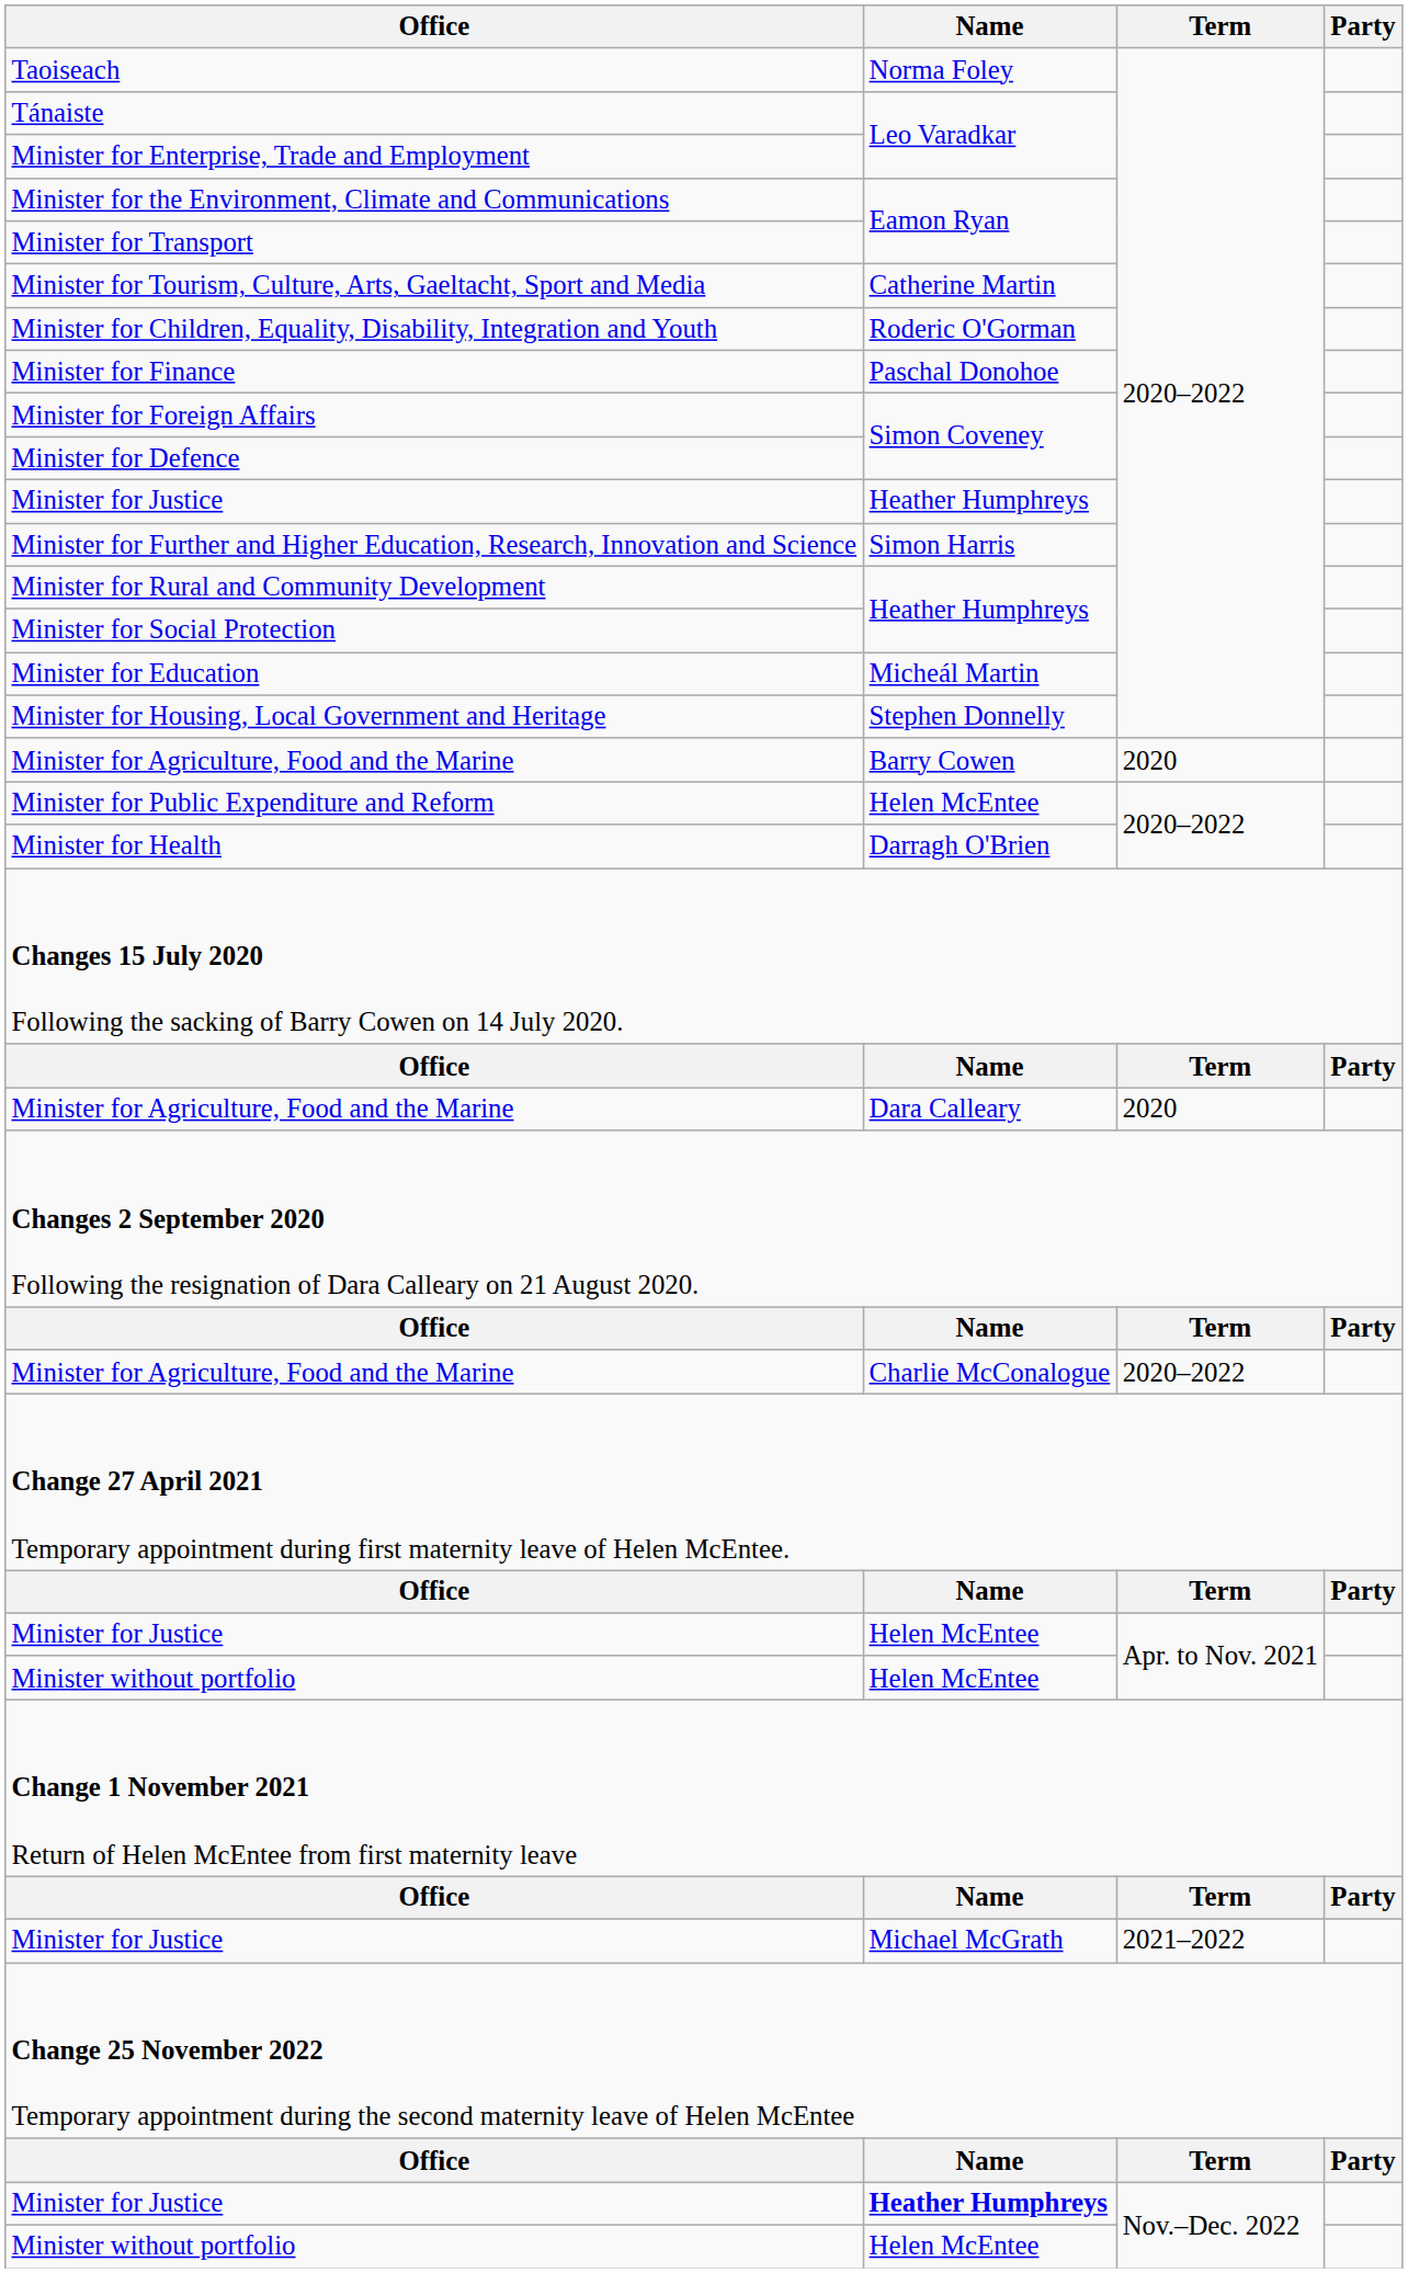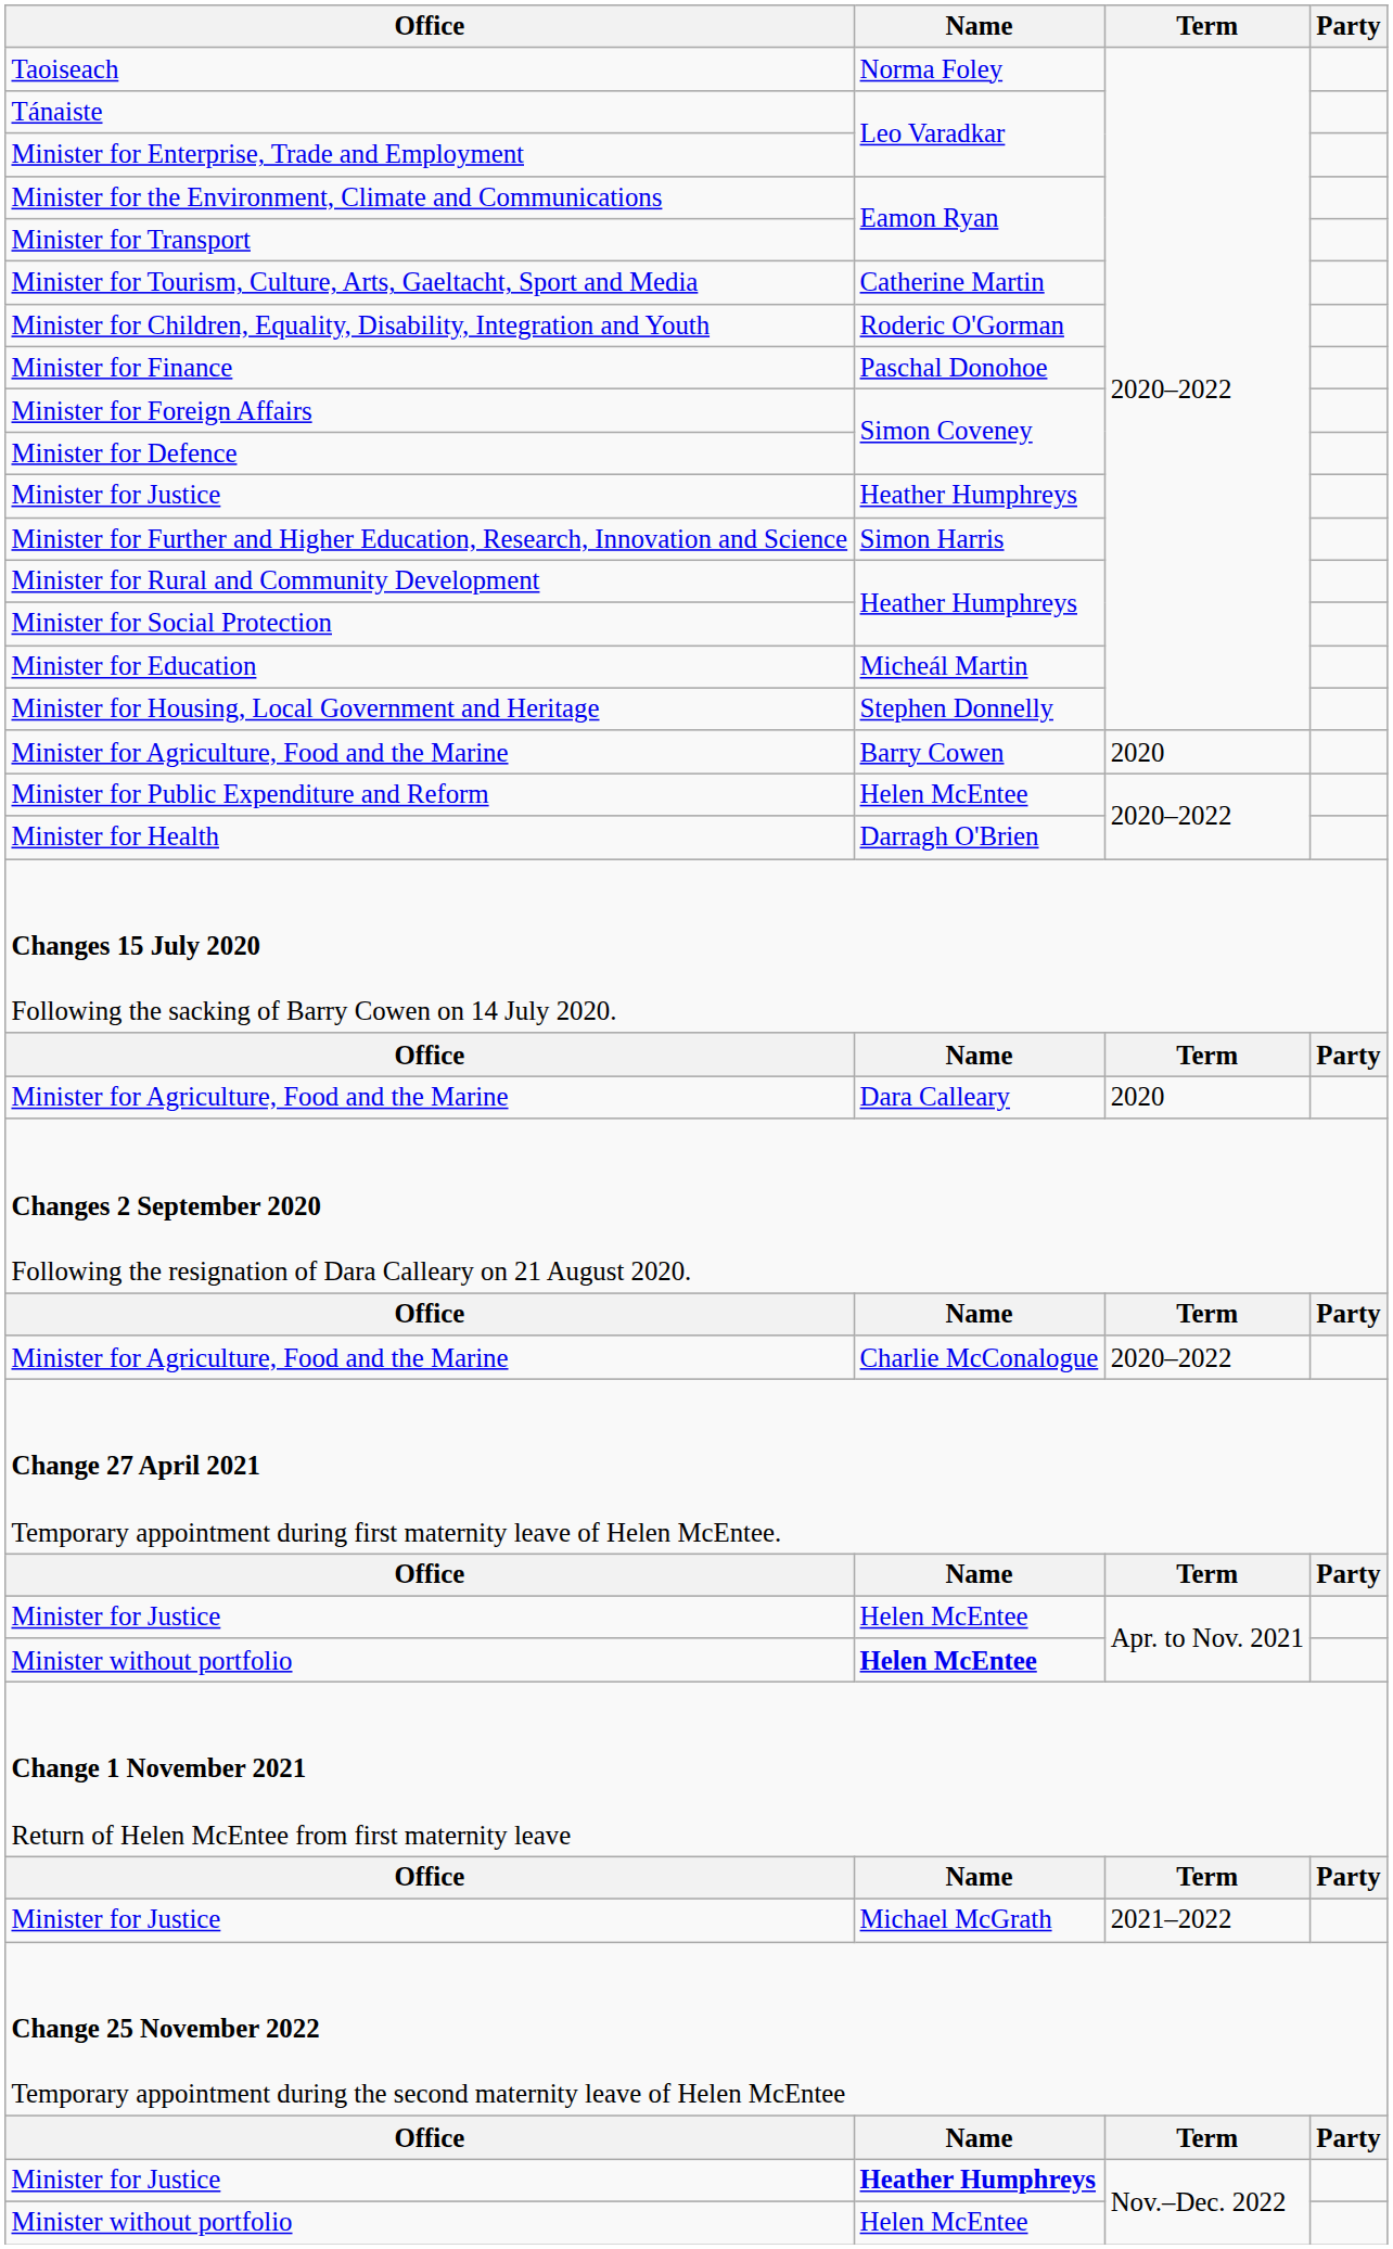 <table class="wikitable">
 <tr>
 <th>Office</th>
 <th>Name</th>
 <th>Term</th>
 <th colspan="2">Party</th>
 </tr>
 <tr>
 <td><a href='#'>Taoiseach</a></td>
 <td><a href='#'>Norma Foley</a></td>
 <td rowspan="16">2020–2022</td>
 <td></td>
 </tr>
 <tr>
 <td><a href='#'>Tánaiste</a></td>
 <td rowspan=2><a href='#'>Leo Varadkar</a></td>
 <td></td>
 </tr>
 <tr>
 <td><a href='#'>Minister for Enterprise, Trade and Employment</a></td>
 </tr>
 <tr>
 <td><a href='#'>Minister for the Environment, Climate and Communications</a></td>
 <td rowspan=2><a href='#'>Eamon Ryan</a></td>
 <td></td>
 </tr>
 <tr>
 <td><a href='#'>Minister for Transport</a></td>
 </tr>
 <tr>
 <td><a href='#'>Minister for Tourism, Culture, Arts, Gaeltacht, Sport and Media</a></td>
 <td><a href='#'>Catherine Martin</a></td>
 <td></td>
 </tr>
 <tr>
 <td><a href='#'>Minister for Children, Equality, Disability, Integration and Youth</a></td>
 <td><a href='#'>Roderic O'Gorman</a></td>
 <td></td>
 </tr>
 <tr>
 <td><a href='#'>Minister for Finance</a></td>
 <td><a href='#'>Paschal Donohoe</a></td>
 <td></td>
 </tr>
 <tr>
 <td><a href='#'>Minister for Foreign Affairs</a></td>
 <td rowspan=2><a href='#'>Simon Coveney</a></td>
 <td></td>
 </tr>
 <tr>
 <td><a href='#'>Minister for Defence</a></td>
 </tr>
 <tr>
 <td><a href='#'>Minister for Justice</a></td>
 <td><a href='#'>Heather Humphreys</a></td>
 <td></td>
 </tr>
 <tr>
 <td><a href='#'>Minister for Further and Higher Education, Research, Innovation and Science</a></td>
 <td><a href='#'>Simon Harris</a></td>
 <td></td>
 </tr>
 <tr>
 <td><a href='#'>Minister for Rural and Community Development</a></td>
 <td rowspan=2><a href='#'>Heather Humphreys</a></td>
 <td></td>
 </tr>
 <tr>
 <td><a href='#'>Minister for Social Protection</a></td>
 </tr>
 <tr>
 <td><a href='#'>Minister for Education</a></td>
 <td><a href='#'>Micheál Martin</a></td>
 <td></td>
 </tr>
 <tr>
 <td><a href='#'>Minister for Housing, Local Government and Heritage</a></td>
 <td><a href='#'>Stephen Donnelly</a></td>
 <td></td>
 </tr>
 <tr>
 <td><a href='#'>Minister for Agriculture, Food and the Marine</a></td>
 <td><a href='#'>Barry Cowen</a></td>
 <td>2020</td>
 <td></td>
 </tr>
 <tr>
 <td><a href='#'>Minister for Public Expenditure and Reform</a></td>
 <td><a href='#'>Helen McEntee</a></td>
 <td rowspan="2">2020–2022</td>
 <td></td>
 </tr>
 <tr>
 <td><a href='#'>Minister for Health</a></td>
 <td><a href='#'>Darragh O'Brien</a></td>
 <td></td>
 </tr>
 <tr>
 <td colspan="5"><br><h4>Changes 15 July 2020</h4>Following the sacking of Barry Cowen on 14 July 2020.</td>
 </tr>
 <tr>
 <th>Office</th>
 <th>Name</th>
 <th>Term</th>
 <th colspan="2">Party</th>
 </tr>
 <tr>
 <td><a href='#'>Minister for Agriculture, Food and the Marine</a></td>
 <td><a href='#'>Dara Calleary</a></td>
 <td>2020</td>
 <td></td>
 </tr>
 <tr>
 <td colspan="5"><br><h4>Changes 2 September 2020</h4>Following the resignation of Dara Calleary on 21 August 2020.</td>
 </tr>
 <tr>
 <th>Office</th>
 <th>Name</th>
 <th>Term</th>
 <th colspan="2">Party</th>
 </tr>
 <tr>
 <td><a href='#'>Minister for Agriculture, Food and the Marine</a></td>
 <td><a href='#'>Charlie McConalogue</a></td>
 <td>2020–2022</td>
 <td></td>
 </tr>
 <tr>
 <td colspan="5"><br><h4>Change 27 April 2021</h4>Temporary appointment during first maternity leave of Helen McEntee.</td>
 </tr>
 <tr>
 <th>Office</th>
 <th>Name</th>
 <th>Term</th>
 <th colspan="2">Party</th>
 </tr>
 <tr>
 <td><a href='#'>Minister for Justice</a></td>
 <td><a href='#'>Helen McEntee</a></td>
 <td rowspan=2>Apr. to Nov. 2021</td>
 <td></td>
 </tr>
 <tr>
 <td><a href='#'>Minister without portfolio</a></td>
-<td><a href='#'>Helen McEntee</a></td>
+<td><strong><a href='#'>Helen McEntee</a></strong></td>
 <td></td>
 </tr>
 <tr>
 <td colspan="5"><br><h4>Change 1 November 2021</h4>Return of Helen McEntee from first maternity leave</td>
 </tr>
 <tr>
 <th>Office</th>
 <th>Name</th>
 <th>Term</th>
 <th colspan="2">Party</th>
 </tr>
 <tr>
 <td><a href='#'>Minister for Justice</a></td>
 <td><a href='#'>Michael McGrath</a></td>
 <td>2021–2022</td>
 <td></td>
 </tr>
 <tr>
 <td colspan="5"><br><h4>Change 25 November 2022</h4>Temporary appointment during the second maternity leave of Helen McEntee</td>
 </tr>
 <tr>
 <th>Office</th>
 <th>Name</th>
 <th>Term</th>
 <th colspan="2">Party</th>
 </tr>
 <tr>
 <td><a href='#'>Minister for Justice</a></td>
 <td><strong><a href='#'>Heather Humphreys</a></strong></td>
 <td rowspan=2>Nov.–Dec. 2022</td>
 <td></td>
 </tr>
 <tr>
 <td><a href='#'>Minister without portfolio</a></td>
 <td><a href='#'>Helen McEntee</a></td>
 <td></td>
 </tr>
 </table>
